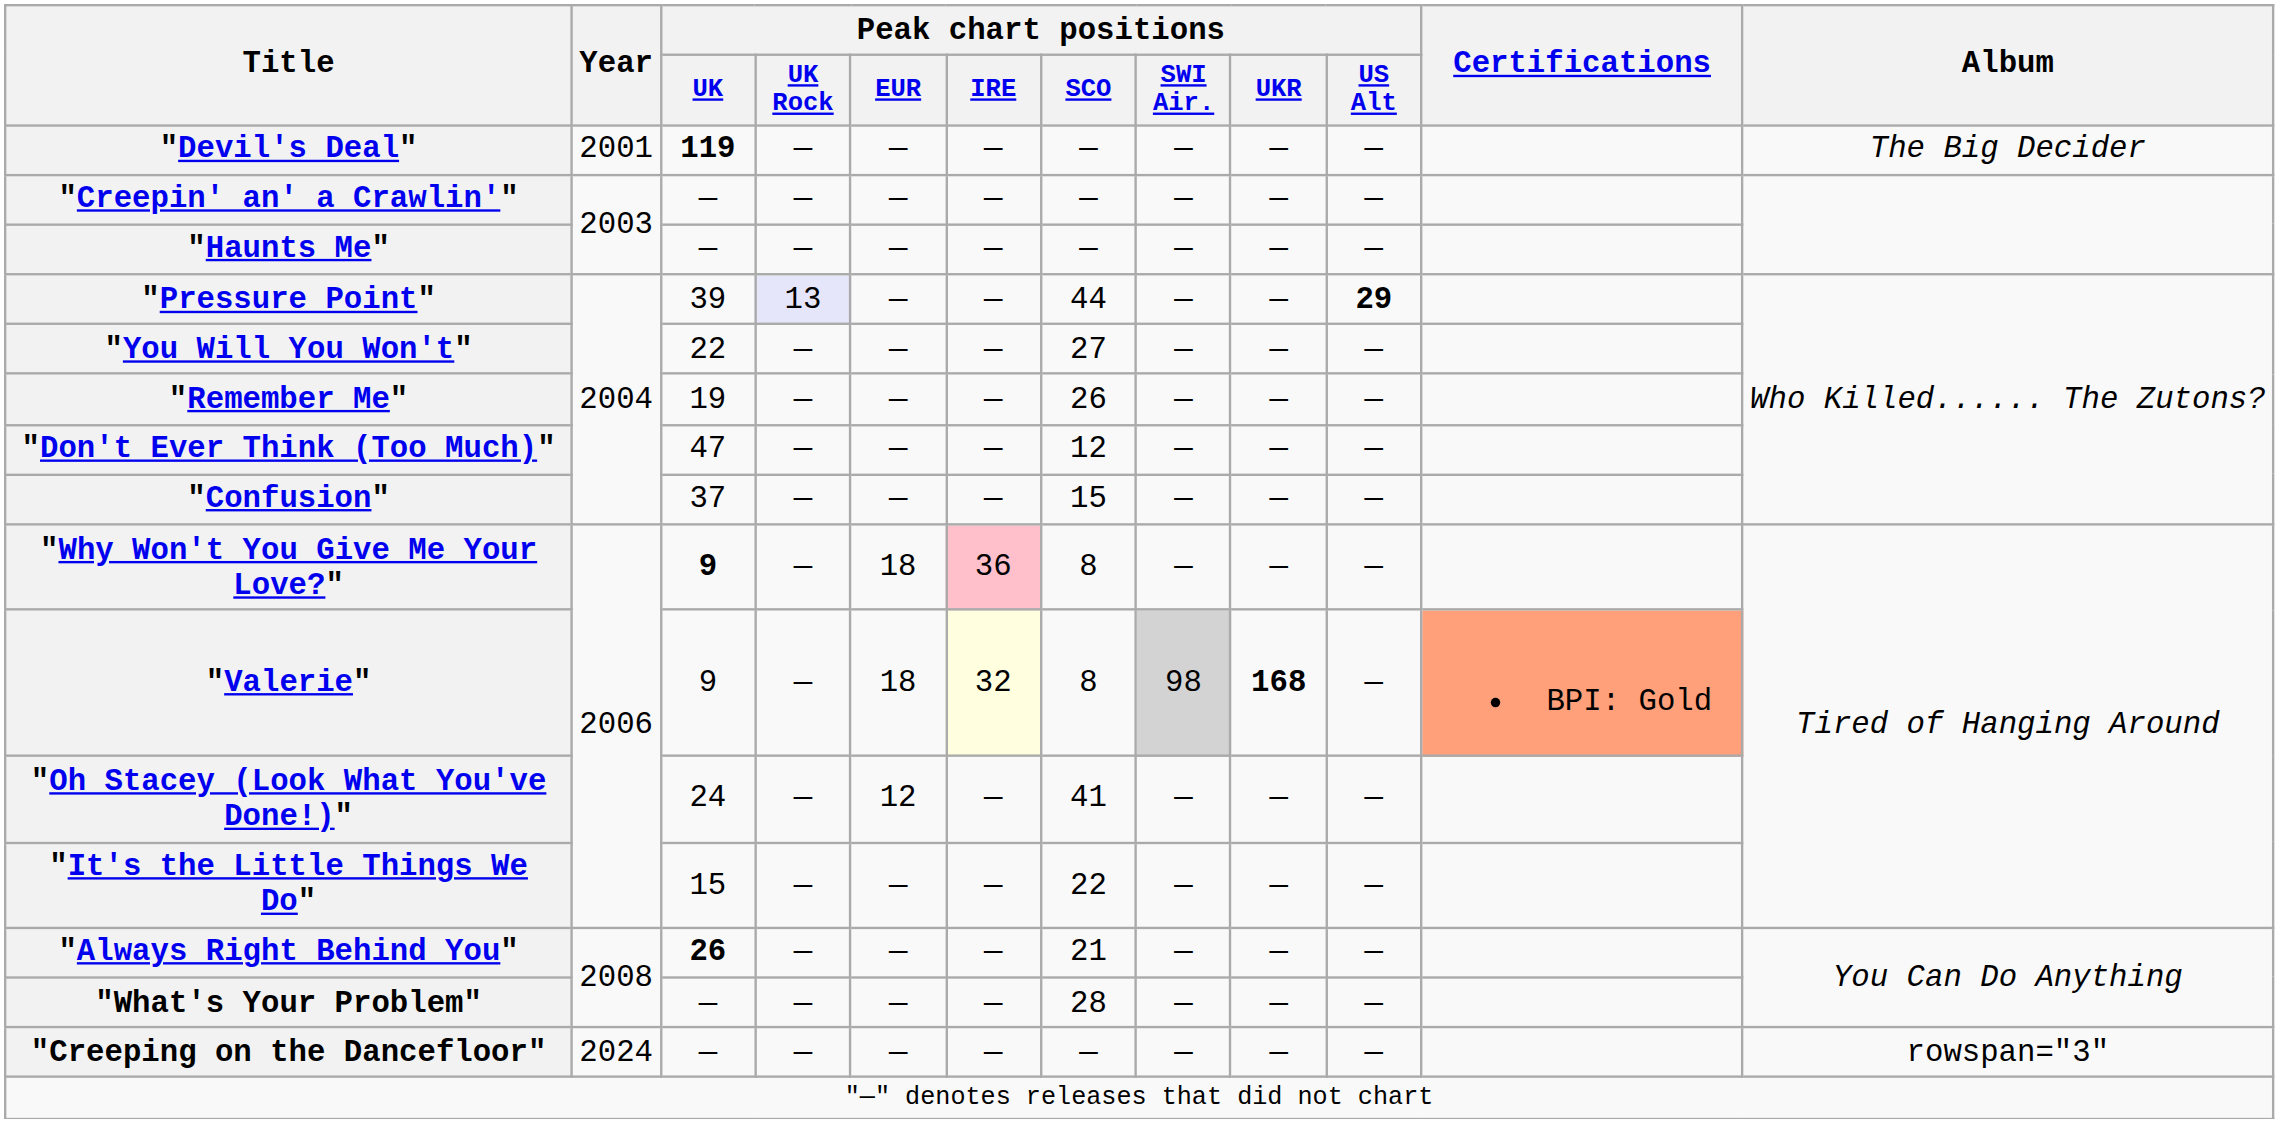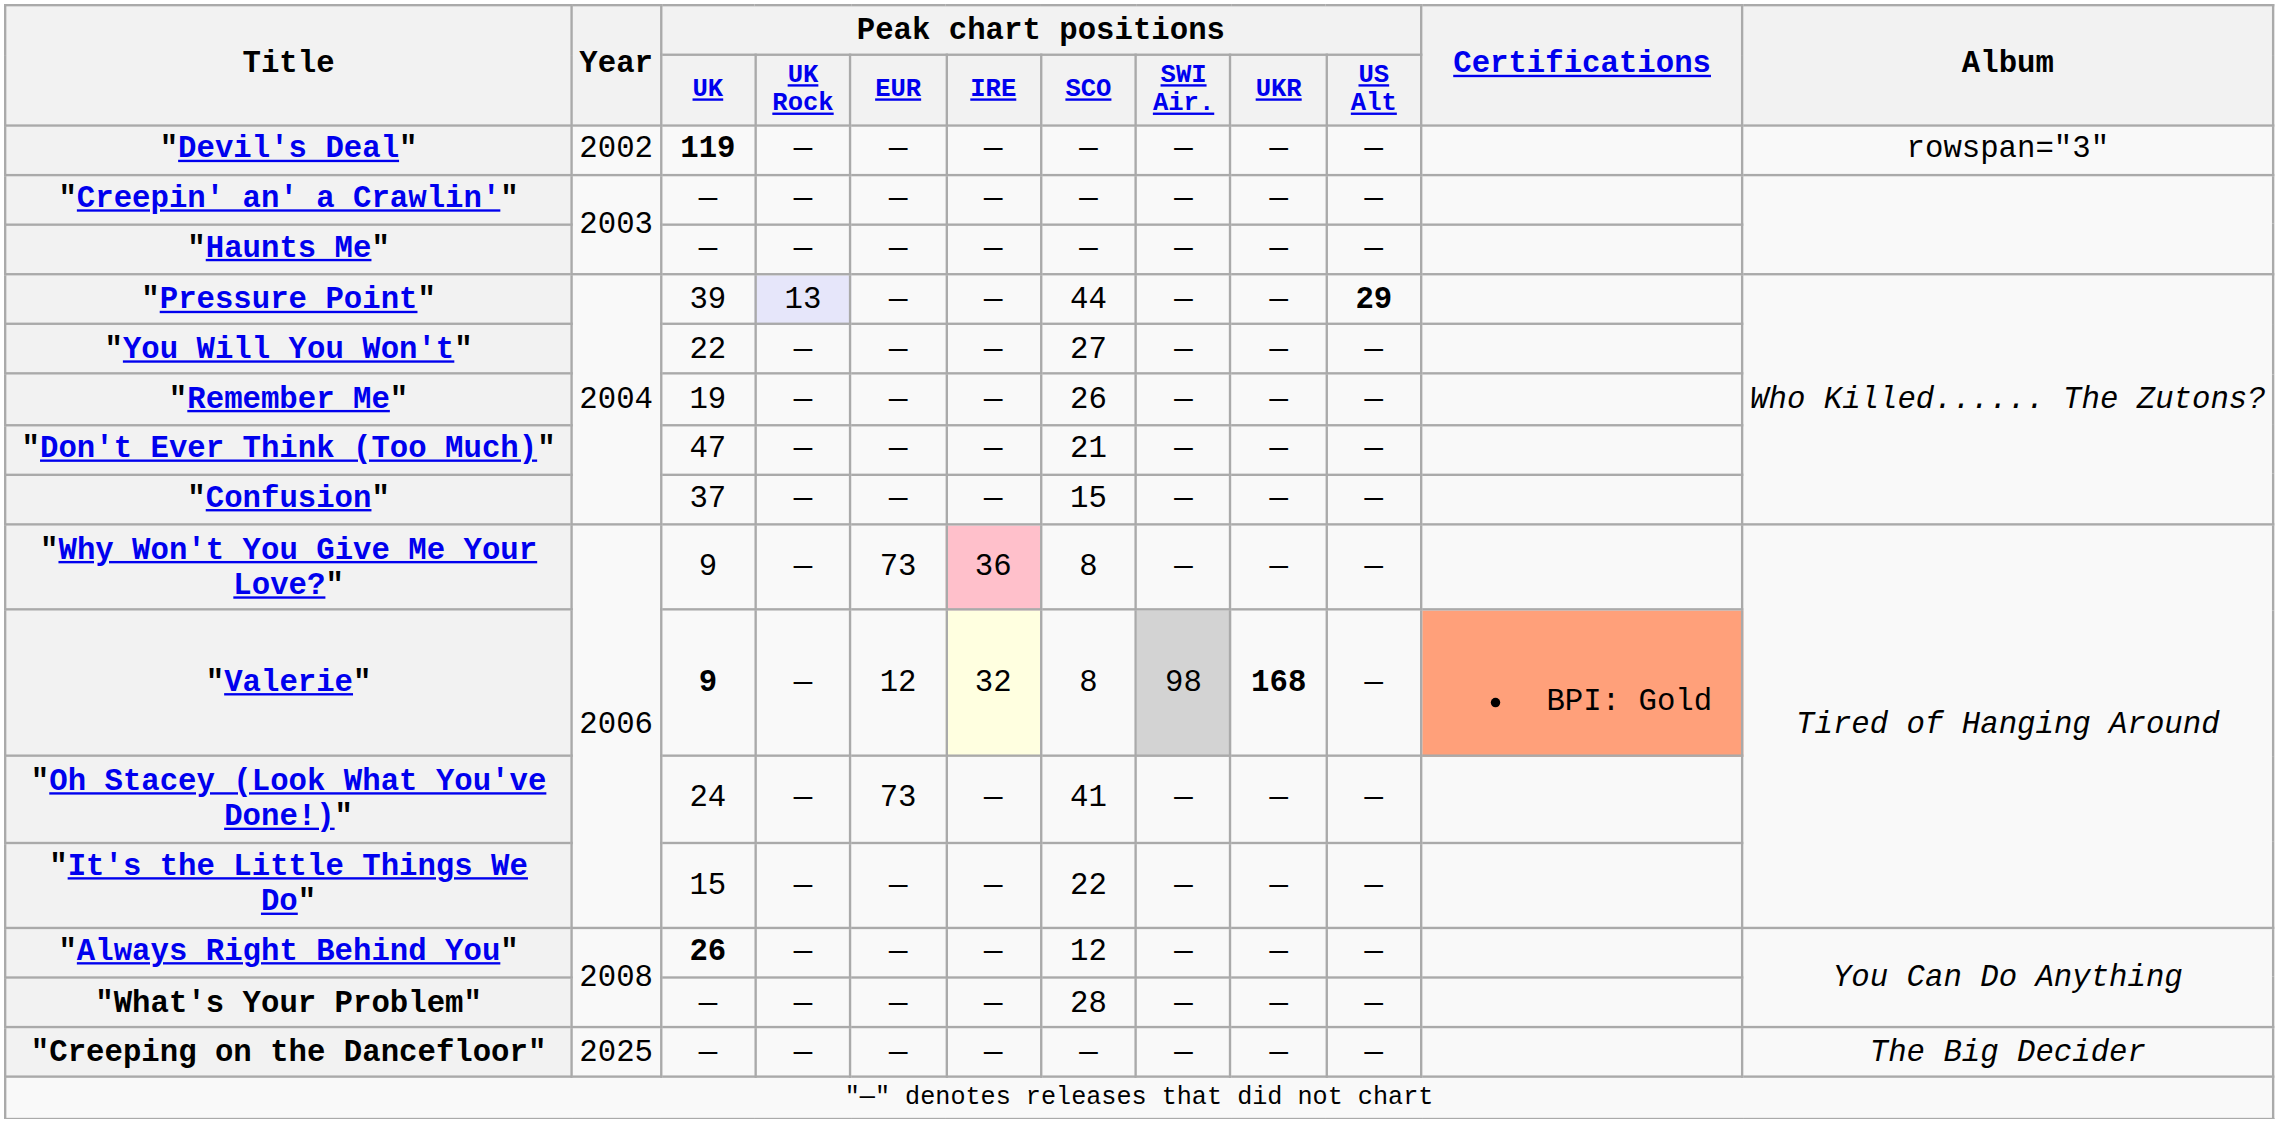 <table class="wikitable plainrowheaders" style="text-align:center;">
 <tr>
 <th scope="col" rowspan="2" style="width:18em;">Title</th>
 <th scope="col" rowspan="2">Year</th>
 <th scope="col" colspan="8">Peak chart positions</th>
 <th scope="col" rowspan="2" style="width:10em;"><a href='#'>Certifications</a></th>
 <th scope="col" rowspan="2">Album</th>
 </tr>
 <tr style="font-size:smaller;">
 <th scope="col" width="35"><a href='#'>UK</a><br></th>
 <th scope="col" width="35"><a href='#'>UK<br>Rock</a><br></th>
 <th scope="col" width="35"><a href='#'>EUR</a><br></th>
 <th scope="col" width="35"><a href='#'>IRE</a><br></th>
 <th scope="col" width="35"><a href='#'>SCO</a><br></th>
 <th scope="col" width="35"><a href='#'>SWI<br>Air.</a><br></th>
 <th scope="col" width="35"><a href='#'>UKR</a><br></th>
 <th scope="col" width="35"><a href='#'>US<br>Alt</a><br></th>
 </tr>
 <tr>
 <th scope="row">"<a href='#'>Devil's Deal</a>"</th>
-<td>2001</td>
+<td>2002</td>
 <td><strong>119</strong></td>
 <td>—</td>
 <td>—</td>
 <td>—</td>
 <td>—</td>
 <td>—</td>
 <td>—</td>
 <td>—</td>
 <td></td>
-<td><em>The Big Decider</em></td>
+<td>rowspan="3" </td>
 </tr>
 <tr>
 <th scope="row">"<a href='#'>Creepin' an' a Crawlin'</a>"</th>
 <td rowspan="2">2003</td>
 <td>—</td>
 <td>—</td>
 <td>—</td>
 <td>—</td>
 <td>—</td>
 <td>—</td>
 <td>—</td>
 <td>—</td>
 <td></td>
 </tr>
 <tr>
 <th scope="row">"<a href='#'>Haunts Me</a>"</th>
 <td>—</td>
 <td>—</td>
 <td>—</td>
 <td>—</td>
 <td>—</td>
 <td>—</td>
 <td>—</td>
 <td>—</td>
 <td></td>
 </tr>
 <tr>
 <th scope="row">"<a href='#'>Pressure Point</a>"</th>
 <td rowspan="5">2004</td>
 <td>39</td>
 <td style="background: lavender;">13</td>
 <td>—</td>
 <td>—</td>
 <td>44</td>
 <td>—</td>
 <td>—</td>
 <td><strong>29</strong></td>
 <td></td>
 <td rowspan="5"><em>Who Killed...... The Zutons?</em></td>
 </tr>
 <tr>
 <th scope="row">"<a href='#'>You Will You Won't</a>"</th>
 <td>22</td>
 <td>—</td>
 <td>—</td>
 <td>—</td>
 <td>27</td>
 <td>—</td>
 <td>—</td>
 <td>—</td>
 <td></td>
 </tr>
 <tr>
 <th scope="row">"<a href='#'>Remember Me</a>"</th>
 <td>19</td>
 <td>—</td>
 <td>—</td>
 <td>—</td>
 <td>26</td>
 <td>—</td>
 <td>—</td>
 <td>—</td>
 <td></td>
 </tr>
 <tr>
 <th scope="row">"<a href='#'>Don't Ever Think (Too Much)</a>"</th>
 <td>47</td>
 <td>—</td>
 <td>—</td>
 <td>—</td>
-<td>12</td>
+<td>21</td>
 <td>—</td>
 <td>—</td>
 <td>—</td>
 <td></td>
 </tr>
 <tr>
 <th scope="row">"<a href='#'>Confusion</a>"</th>
 <td>37</td>
 <td>—</td>
 <td>—</td>
 <td>—</td>
 <td>15</td>
 <td>—</td>
 <td>—</td>
 <td>—</td>
 <td></td>
 </tr>
 <tr>
 <th scope="row">"<a href='#'>Why Won't You Give Me Your Love?</a>"</th>
 <td rowspan="4">2006</td>
-<td><strong>9</strong></td>
+<td>9</td>
 <td>—</td>
-<td>18</td>
+<td>73</td>
 <td style="background: pink;">36</td>
 <td>8</td>
 <td>—</td>
 <td>—</td>
 <td>—</td>
 <td></td>
 <td rowspan="4"><em>Tired of Hanging Around</em></td>
 </tr>
 <tr>
 <th scope="row">"<a href='#'>Valerie</a>"</th>
-<td>9</td>
+<td><strong>9</strong></td>
 <td>—</td>
-<td>18</td>
+<td>12</td>
 <td style="background: lightyellow;">32</td>
 <td>8</td>
 <td style="background: lightgrey;">98</td>
 <td><strong>168</strong></td>
 <td>—</td>
 <td style="background: lightsalmon;"><br><ul><li>BPI: Gold</li></ul></td>
 </tr>
 <tr>
 <th scope="row">"<a href='#'>Oh Stacey (Look What You've Done!)</a>"</th>
 <td>24</td>
 <td>—</td>
-<td>12</td>
+<td>73</td>
 <td>—</td>
 <td>41</td>
 <td>—</td>
 <td>—</td>
 <td>—</td>
 <td></td>
 </tr>
 <tr>
 <th scope="row">"<a href='#'>It's the Little Things We Do</a>"</th>
 <td>15</td>
 <td>—</td>
 <td>—</td>
 <td>—</td>
 <td>22</td>
 <td>—</td>
 <td>—</td>
 <td>—</td>
 <td></td>
 </tr>
 <tr>
 <th scope="row">"<a href='#'>Always Right Behind You</a>"</th>
 <td rowspan="2">2008</td>
 <td><strong>26</strong></td>
 <td>—</td>
 <td>—</td>
 <td>—</td>
-<td>21</td>
+<td>12</td>
 <td>—</td>
 <td>—</td>
 <td>—</td>
 <td></td>
 <td rowspan="2"><em>You Can Do Anything</em></td>
 </tr>
 <tr>
 <th scope="row">"What's Your Problem"</th>
 <td>—</td>
 <td>—</td>
 <td>—</td>
 <td>—</td>
 <td>28</td>
 <td>—</td>
 <td>—</td>
 <td>—</td>
 <td></td>
 </tr>
 <tr>
 <th scope="row">"Creeping on the Dancefloor"</th>
-<td>2024</td>
+<td>2025</td>
 <td>—</td>
 <td>—</td>
 <td>—</td>
 <td>—</td>
 <td>—</td>
 <td>—</td>
 <td>—</td>
 <td>—</td>
 <td></td>
-<td>rowspan="3" </td>
+<td><em>The Big Decider</em></td>
 </tr>
 <tr>
 <td colspan="12" style="font-size:8pt">"—" denotes releases that did not chart</td>
 </tr>
 <tr>
 </tr>
 </table>
